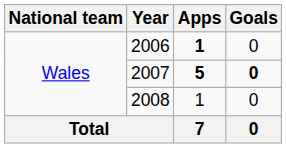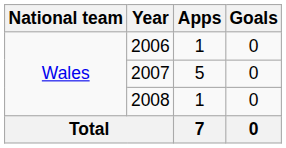 <table class=wikitable style=text-align:center>
 <tr>
 <th>National team</th>
 <th>Year</th>
 <th>Apps</th>
 <th>Goals</th>
 </tr>
 <tr>
 <td rowspan=3><a href='#'>Wales</a></td>
 <td>2006</td>
-<td><strong>1</strong></td>
+<td>1</td>
 <td>0</td>
 </tr>
 <tr>
 <td>2007</td>
-<td><strong>5</strong></td>
-<td><strong>0</strong></td>
+<td>5</td>
+<td>0</td>
 </tr>
 <tr>
 <td>2008</td>
 <td>1</td>
 <td>0</td>
 </tr>
 <tr>
 <th colspan=2>Total</th>
 <th>7</th>
 <th>0</th>
 </tr>
 </table>
